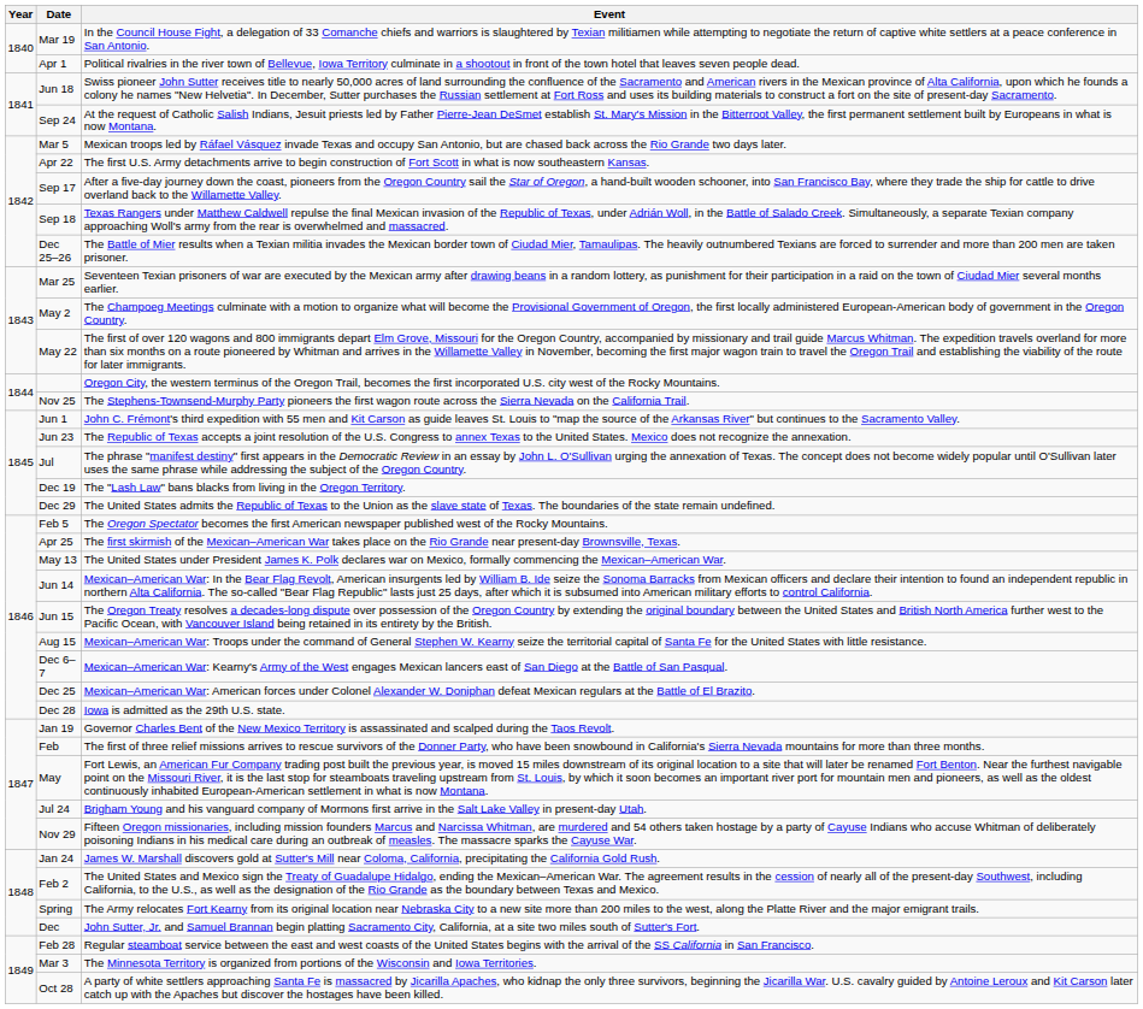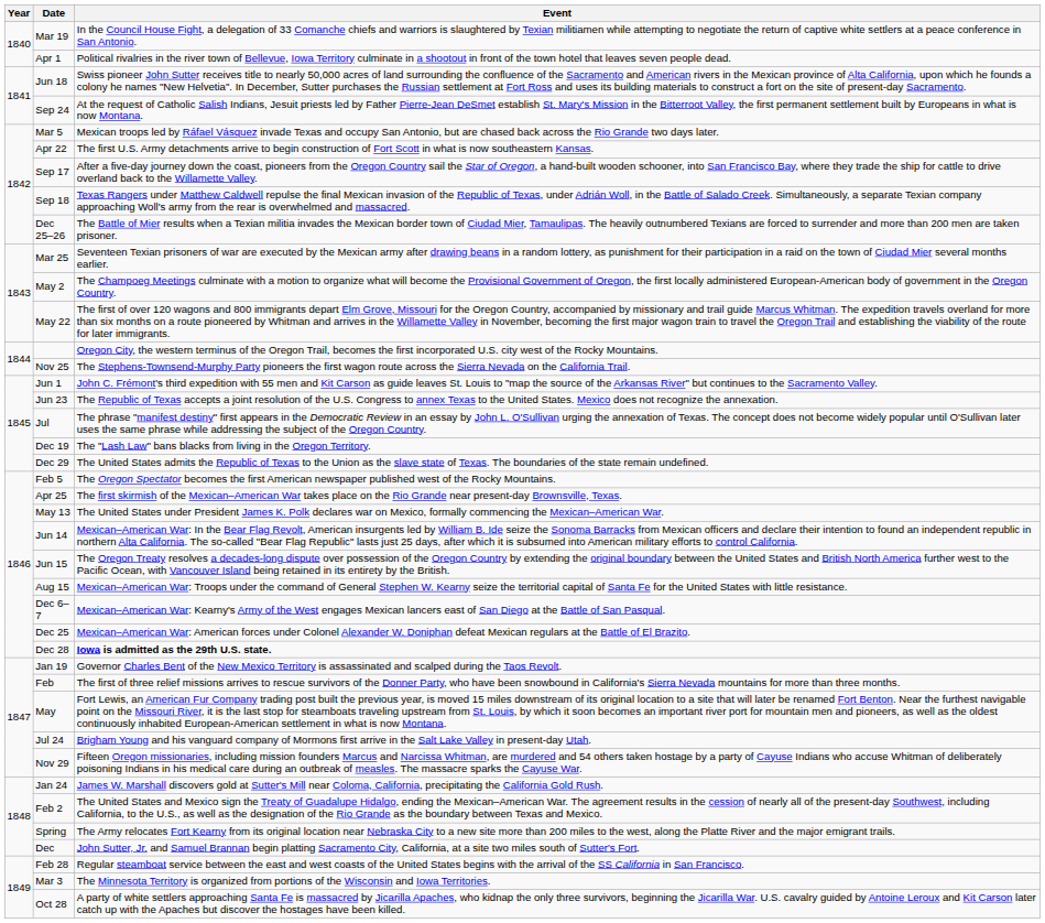 <table class=wikitable>
 <tr>
 <th>Year</th>
 <th width=55>Date</th>
 <th>Event</th>
 </tr>
 <tr>
 <td rowspan=2>1840</td>
 <td>Mar 19</td>
 <td>In the <a href='#'>Council House Fight</a>, a delegation of 33 <a href='#'>Comanche</a> chiefs and warriors is slaughtered by <a href='#'>Texian</a> militiamen while attempting to negotiate the return of captive white settlers at a peace conference in <a href='#'>San Antonio</a>.</td>
 </tr>
 <tr>
 <td>Apr 1</td>
 <td>Political rivalries in the river town of <a href='#'>Bellevue</a>, <a href='#'>Iowa Territory</a> culminate in <a href='#'>a shootout</a> in front of the town hotel that leaves seven people dead.</td>
 </tr>
 <tr>
 <td rowspan=2>1841</td>
 <td>Jun 18</td>
 <td>Swiss pioneer <a href='#'>John Sutter</a> receives title to nearly 50,000 acres of land surrounding the confluence of the <a href='#'>Sacramento</a> and <a href='#'>American</a> rivers in the Mexican province of <a href='#'>Alta California</a>, upon which he founds a colony he names "New Helvetia". In December, Sutter purchases the <a href='#'>Russian</a> settlement at <a href='#'>Fort Ross</a> and uses its building materials to construct a fort on the site of present-day <a href='#'>Sacramento</a>.</td>
 </tr>
 <tr>
 <td>Sep 24</td>
 <td>At the request of Catholic <a href='#'>Salish</a> Indians, Jesuit priests led by Father <a href='#'>Pierre-Jean DeSmet</a> establish <a href='#'>St. Mary's Mission</a> in the <a href='#'>Bitterroot Valley</a>, the first permanent settlement built by Europeans in what is now <a href='#'>Montana</a>.</td>
 </tr>
 <tr>
 <td rowspan=5>1842</td>
 <td>Mar 5</td>
 <td>Mexican troops led by <a href='#'>Ráfael Vásquez</a> invade Texas and occupy San Antonio, but are chased back across the <a href='#'>Rio Grande</a> two days later.</td>
 </tr>
 <tr>
 <td>Apr 22</td>
 <td>The first U.S. Army detachments arrive to begin construction of <a href='#'>Fort Scott</a> in what is now southeastern <a href='#'>Kansas</a>.</td>
 </tr>
 <tr>
 <td>Sep 17</td>
 <td>After a five-day journey down the coast, pioneers from the <a href='#'>Oregon Country</a> sail the <em><a href='#'>Star of Oregon</a></em>, a hand-built wooden schooner, into <a href='#'>San Francisco Bay</a>, where they trade the ship for cattle to drive overland back to the <a href='#'>Willamette Valley</a>.</td>
 </tr>
 <tr>
 <td>Sep 18</td>
 <td><a href='#'>Texas Rangers</a> under <a href='#'>Matthew Caldwell</a> repulse the final Mexican invasion of the <a href='#'>Republic of Texas</a>, under <a href='#'>Adrián Woll</a>, in the <a href='#'>Battle of Salado Creek</a>. Simultaneously, a separate Texian company approaching Woll's army from the rear is overwhelmed and <a href='#'>massacred</a>.</td>
 </tr>
 <tr>
 <td>Dec 25–26</td>
 <td>The <a href='#'>Battle of Mier</a> results when a Texian militia invades the Mexican border town of <a href='#'>Ciudad Mier</a>, <a href='#'>Tamaulipas</a>. The heavily outnumbered Texians are forced to surrender and more than 200 men are taken prisoner.</td>
 </tr>
 <tr>
 <td rowspan=3>1843</td>
 <td>Mar 25</td>
 <td>Seventeen Texian prisoners of war are executed by the Mexican army after <a href='#'>drawing beans</a> in a random lottery, as punishment for their participation in a raid on the town of <a href='#'>Ciudad Mier</a> several months earlier.</td>
 </tr>
 <tr>
 <td>May 2</td>
 <td>The <a href='#'>Champoeg Meetings</a> culminate with a motion to organize what will become the <a href='#'>Provisional Government of Oregon</a>, the first locally administered European-American body of government in the <a href='#'>Oregon Country</a>.</td>
 </tr>
 <tr>
 <td>May 22</td>
 <td>The first of over 120 wagons and 800 immigrants depart <a href='#'>Elm Grove, Missouri</a> for the Oregon Country, accompanied by missionary and trail guide <a href='#'>Marcus Whitman</a>. The expedition travels overland for more than six months on a route pioneered by Whitman and arrives in the <a href='#'>Willamette Valley</a> in November, becoming the first major wagon train to travel the <a href='#'>Oregon Trail</a> and establishing the viability of the route for later immigrants.</td>
 </tr>
 <tr>
 <td rowspan=2>1844</td>
 <td></td>
 <td><a href='#'>Oregon City</a>, the western terminus of the Oregon Trail, becomes the first incorporated U.S. city west of the Rocky Mountains.</td>
 </tr>
 <tr>
 <td>Nov 25</td>
 <td>The <a href='#'>Stephens-Townsend-Murphy Party</a> pioneers the first wagon route across the <a href='#'>Sierra Nevada</a> on the <a href='#'>California Trail</a>.</td>
 </tr>
 <tr>
 <td rowspan=5>1845</td>
 <td>Jun 1</td>
 <td><a href='#'>John C. Frémont</a>'s third expedition with 55 men and <a href='#'>Kit Carson</a> as guide leaves St. Louis to "map the source of the <a href='#'>Arkansas River</a>" but continues to the <a href='#'>Sacramento Valley</a>.</td>
 </tr>
 <tr>
 <td>Jun 23</td>
 <td>The <a href='#'>Republic of Texas</a> accepts a joint resolution of the U.S. Congress to <a href='#'>annex Texas</a> to the United States. <a href='#'>Mexico</a> does not recognize the annexation.</td>
 </tr>
 <tr>
 <td>Jul</td>
 <td>The phrase "<a href='#'>manifest destiny</a>" first appears in the <em>Democratic Review</em> in an essay by <a href='#'>John L. O'Sullivan</a> urging the annexation of Texas. The concept does not become widely popular until O'Sullivan later uses the same phrase while addressing the subject of the <a href='#'>Oregon Country</a>.</td>
 </tr>
 <tr>
 <td>Dec 19</td>
 <td>The "<a href='#'>Lash Law</a>" bans blacks from living in the <a href='#'>Oregon Territory</a>.</td>
 </tr>
 <tr>
 <td>Dec 29</td>
 <td>The United States admits the <a href='#'>Republic of Texas</a> to the Union as the <a href='#'>slave state</a> of <a href='#'>Texas</a>. The boundaries of the state remain undefined.</td>
 </tr>
 <tr>
 <td rowspan=9>1846</td>
 <td>Feb 5</td>
 <td>The <em><a href='#'>Oregon Spectator</a></em> becomes the first American newspaper published west of the Rocky Mountains.</td>
 </tr>
 <tr>
 <td>Apr 25</td>
 <td>The <a href='#'>first skirmish</a> of the <a href='#'>Mexican–American War</a> takes place on the <a href='#'>Rio Grande</a> near present-day <a href='#'>Brownsville, Texas</a>.</td>
 </tr>
 <tr>
 <td>May 13</td>
 <td>The United States under President <a href='#'>James K. Polk</a> declares war on Mexico, formally commencing the <a href='#'>Mexican–American War</a>.</td>
 </tr>
 <tr>
 <td>Jun 14</td>
 <td><a href='#'>Mexican–American War</a>: In the <a href='#'>Bear Flag Revolt</a>, American insurgents led by <a href='#'>William B. Ide</a> seize the <a href='#'>Sonoma Barracks</a> from Mexican officers and declare their intention to found an independent republic in northern <a href='#'>Alta California</a>. The so-called "Bear Flag Republic" lasts just 25 days, after which it is subsumed into American military efforts to <a href='#'>control California</a>.</td>
 </tr>
 <tr>
 <td>Jun 15</td>
 <td>The <a href='#'>Oregon Treaty</a> resolves <a href='#'>a decades-long dispute</a> over possession of the <a href='#'>Oregon Country</a> by extending the <a href='#'>original boundary</a> between the United States and <a href='#'>British North America</a> further west to the Pacific Ocean, with <a href='#'>Vancouver Island</a> being retained in its entirety by the British.</td>
 </tr>
 <tr>
 <td>Aug 15</td>
 <td><a href='#'>Mexican–American War</a>: Troops under the command of General <a href='#'>Stephen W. Kearny</a> seize the territorial capital of <a href='#'>Santa Fe</a> for the United States with little resistance.</td>
 </tr>
 <tr>
 <td>Dec 6–7</td>
 <td><a href='#'>Mexican–American War</a>: Kearny's <a href='#'>Army of the West</a> engages Mexican lancers east of <a href='#'>San Diego</a> at the <a href='#'>Battle of San Pasqual</a>.</td>
 </tr>
 <tr>
 <td>Dec 25</td>
 <td><a href='#'>Mexican–American War</a>: American forces under Colonel <a href='#'>Alexander W. Doniphan</a> defeat Mexican regulars at the <a href='#'>Battle of El Brazito</a>.</td>
 </tr>
 <tr>
 <td>Dec 28</td>
-<td><a href='#'>Iowa</a> is admitted as the 29th U.S. state.</td>
+<td><strong><a href='#'>Iowa</a> is admitted as the 29th U.S. state.</strong></td>
 </tr>
 <tr>
 <td rowspan=5>1847</td>
 <td>Jan 19</td>
 <td>Governor <a href='#'>Charles Bent</a> of the <a href='#'>New Mexico Territory</a> is assassinated and scalped during the <a href='#'>Taos Revolt</a>.</td>
 </tr>
 <tr>
 <td>Feb</td>
 <td>The first of three relief missions arrives to rescue survivors of the <a href='#'>Donner Party</a>, who have been snowbound in California's <a href='#'>Sierra Nevada</a> mountains for more than three months.</td>
 </tr>
 <tr>
 <td>May</td>
 <td>Fort Lewis, an <a href='#'>American Fur Company</a> trading post built the previous year, is moved 15 miles downstream of its original location to a site that will later be renamed <a href='#'>Fort Benton</a>. Near the furthest navigable point on the <a href='#'>Missouri River</a>, it is the last stop for steamboats traveling upstream from <a href='#'>St. Louis</a>, by which it soon becomes an important river port for mountain men and pioneers, as well as the oldest continuously inhabited European-American settlement in what is now <a href='#'>Montana</a>.</td>
 </tr>
 <tr>
 <td>Jul 24</td>
 <td><a href='#'>Brigham Young</a> and his vanguard company of Mormons first arrive in the <a href='#'>Salt Lake Valley</a> in present-day <a href='#'>Utah</a>.</td>
 </tr>
 <tr>
 <td>Nov 29</td>
 <td>Fifteen <a href='#'>Oregon missionaries</a>, including mission founders <a href='#'>Marcus</a> and <a href='#'>Narcissa Whitman</a>, are <a href='#'>murdered</a> and 54 others taken hostage by a party of <a href='#'>Cayuse</a> Indians who accuse Whitman of deliberately poisoning Indians in his medical care during an outbreak of <a href='#'>measles</a>. The massacre sparks the <a href='#'>Cayuse War</a>.</td>
 </tr>
 <tr>
 <td rowspan=4>1848</td>
 <td>Jan 24</td>
 <td><a href='#'>James W. Marshall</a> discovers gold at <a href='#'>Sutter's Mill</a> near <a href='#'>Coloma, California</a>, precipitating the <a href='#'>California Gold Rush</a>.</td>
 </tr>
 <tr>
 <td>Feb 2</td>
 <td>The United States and Mexico sign the <a href='#'>Treaty of Guadalupe Hidalgo</a>, ending the Mexican–American War. The agreement results in the <a href='#'>cession</a> of nearly all of the present-day <a href='#'>Southwest</a>, including California, to the U.S., as well as the designation of the <a href='#'>Rio Grande</a> as the boundary between Texas and Mexico.</td>
 </tr>
 <tr>
 <td>Spring</td>
 <td>The Army relocates <a href='#'>Fort Kearny</a> from its original location near <a href='#'>Nebraska City</a> to a new site more than 200 miles to the west, along the Platte River and the major emigrant trails.</td>
 </tr>
 <tr>
 <td>Dec</td>
 <td><a href='#'>John Sutter, Jr.</a> and <a href='#'>Samuel Brannan</a> begin platting <a href='#'>Sacramento City</a>, California, at a site two miles south of <a href='#'>Sutter's Fort</a>.</td>
 </tr>
 <tr>
 <td rowspan=3>1849</td>
 <td>Feb 28</td>
 <td>Regular <a href='#'>steamboat</a> service between the east and west coasts of the United States begins with the arrival of the <a href='#'>SS <em>California</em></a> in <a href='#'>San Francisco</a>.</td>
 </tr>
 <tr>
 <td>Mar 3</td>
 <td>The <a href='#'>Minnesota Territory</a> is organized from portions of the <a href='#'>Wisconsin</a> and <a href='#'>Iowa Territories</a>.</td>
 </tr>
 <tr>
 <td>Oct 28</td>
 <td>A party of white settlers approaching <a href='#'>Santa Fe</a> is <a href='#'>massacred</a> by <a href='#'>Jicarilla Apaches</a>, who kidnap the only three survivors, beginning the <a href='#'>Jicarilla War</a>. U.S. cavalry guided by <a href='#'>Antoine Leroux</a> and <a href='#'>Kit Carson</a> later catch up with the Apaches but discover the hostages have been killed.</td>
 </tr>
 </table>
